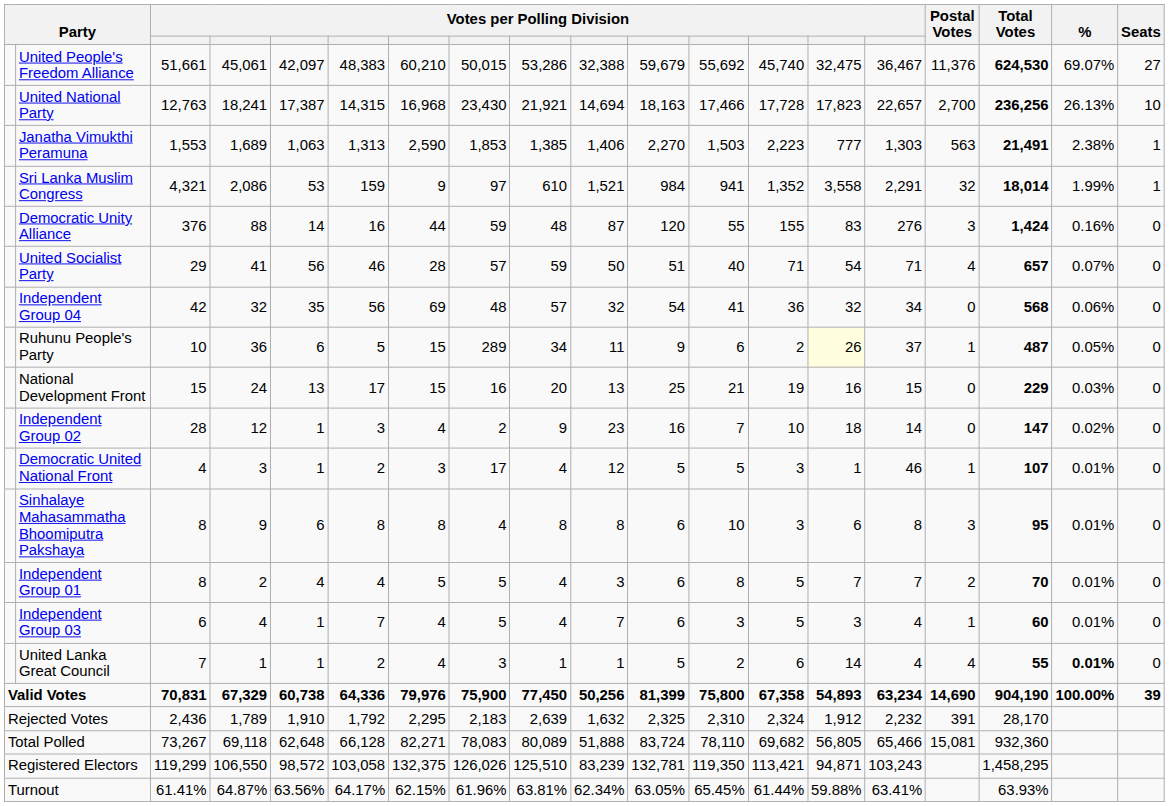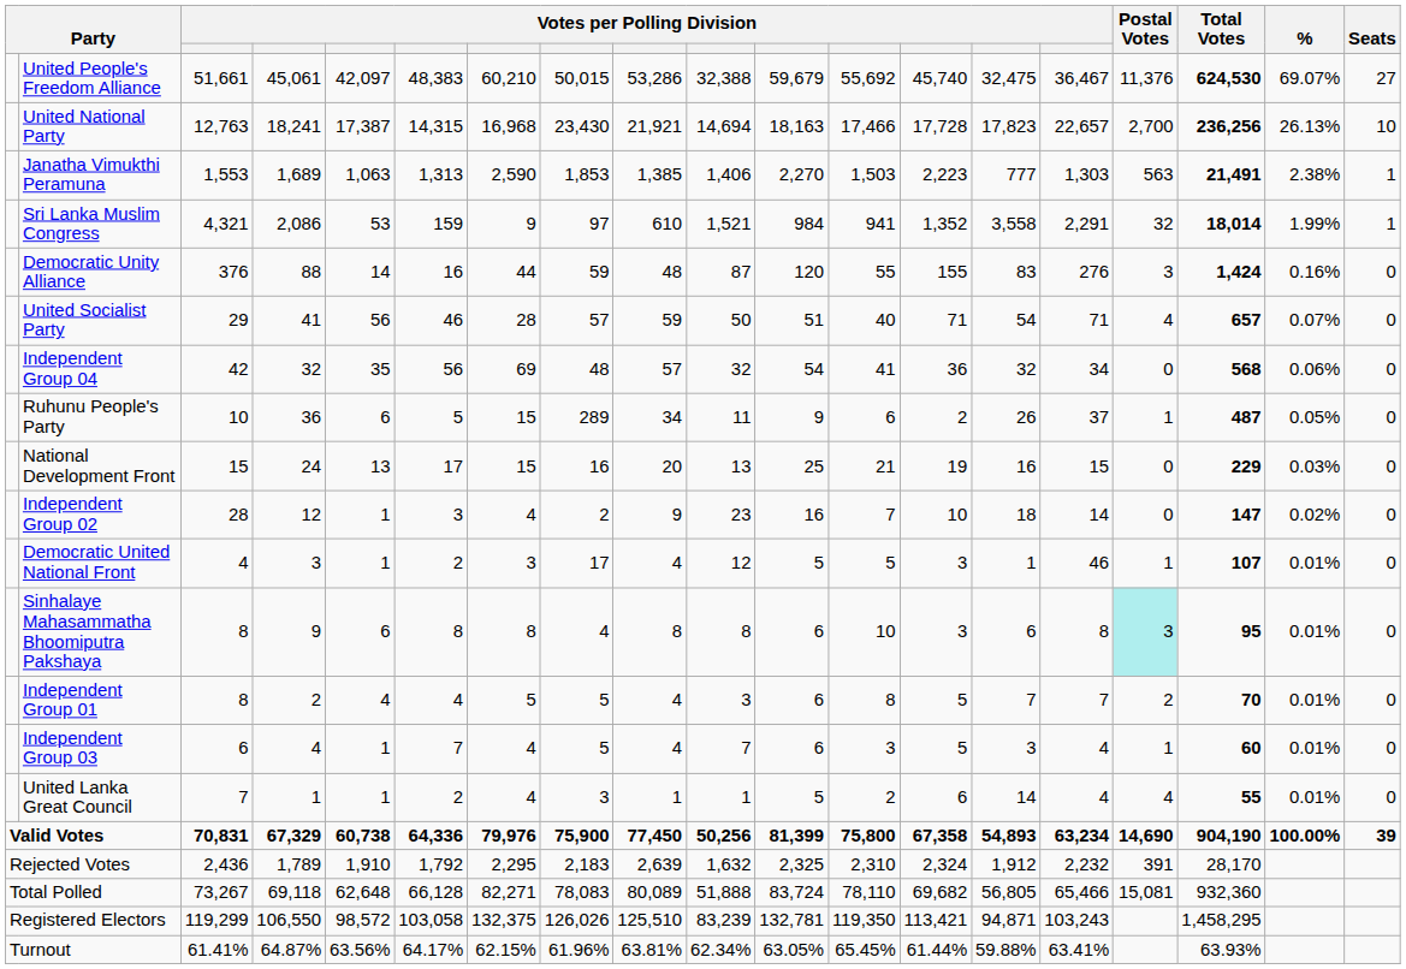 <table class="wikitable" border="1" style="text-align:right;">
 <tr>
 <th align=left valign=bottom rowspan=2 colspan=2>Party</th>
 <th colspan=13>Votes per Polling Division</th>
 <th align=center valign=bottom rowspan=2 width="50">Postal<br>Votes</th>
 <th align=center valign=bottom rowspan=2 width="50">Total Votes</th>
 <th align=center valign=bottom rowspan=2 width="50">%</th>
 <th align=center valign=bottom rowspan=2 width="40">Seats</th>
 </tr>
 <tr>
 <th></th>
 <th></th>
 <th></th>
 <th></th>
 <th></th>
 <th></th>
 <th></th>
 <th></th>
 <th></th>
 <th></th>
 <th></th>
 <th></th>
 <th></th>
 </tr>
 <tr>
 <td bgcolor=> </td>
 <td align=left><a href='#'>United People's Freedom Alliance</a></td>
 <td>51,661</td>
 <td>45,061</td>
 <td>42,097</td>
 <td>48,383</td>
 <td>60,210</td>
 <td>50,015</td>
 <td>53,286</td>
 <td>32,388</td>
 <td>59,679</td>
 <td>55,692</td>
 <td>45,740</td>
 <td>32,475</td>
 <td>36,467</td>
 <td>11,376</td>
 <td><strong>624,530</strong></td>
 <td>69.07%</td>
 <td>27</td>
 </tr>
 <tr>
 <td bgcolor=> </td>
 <td align=left><a href='#'>United National Party</a></td>
 <td>12,763</td>
 <td>18,241</td>
 <td>17,387</td>
 <td>14,315</td>
 <td>16,968</td>
 <td>23,430</td>
 <td>21,921</td>
 <td>14,694</td>
 <td>18,163</td>
 <td>17,466</td>
 <td>17,728</td>
 <td>17,823</td>
 <td>22,657</td>
 <td>2,700</td>
 <td><strong>236,256</strong></td>
 <td>26.13%</td>
 <td>10</td>
 </tr>
 <tr>
 <td bgcolor=> </td>
 <td align=left><a href='#'>Janatha Vimukthi Peramuna</a></td>
 <td>1,553</td>
 <td>1,689</td>
 <td>1,063</td>
 <td>1,313</td>
 <td>2,590</td>
 <td>1,853</td>
 <td>1,385</td>
 <td>1,406</td>
 <td>2,270</td>
 <td>1,503</td>
 <td>2,223</td>
 <td>777</td>
 <td>1,303</td>
 <td>563</td>
 <td><strong>21,491</strong></td>
 <td>2.38%</td>
 <td>1</td>
 </tr>
 <tr>
 <td bgcolor=> </td>
 <td align=left><a href='#'>Sri Lanka Muslim Congress</a></td>
 <td>4,321</td>
 <td>2,086</td>
 <td>53</td>
 <td>159</td>
 <td>9</td>
 <td>97</td>
 <td>610</td>
 <td>1,521</td>
 <td>984</td>
 <td>941</td>
 <td>1,352</td>
 <td>3,558</td>
 <td>2,291</td>
 <td>32</td>
 <td><strong>18,014</strong></td>
 <td>1.99%</td>
 <td>1</td>
 </tr>
 <tr>
 <td bgcolor=> </td>
 <td align=left><a href='#'>Democratic Unity Alliance</a></td>
 <td>376</td>
 <td>88</td>
 <td>14</td>
 <td>16</td>
 <td>44</td>
 <td>59</td>
 <td>48</td>
 <td>87</td>
 <td>120</td>
 <td>55</td>
 <td>155</td>
 <td>83</td>
 <td>276</td>
 <td>3</td>
 <td><strong>1,424</strong></td>
 <td>0.16%</td>
 <td>0</td>
 </tr>
 <tr>
 <td bgcolor=> </td>
 <td align=left><a href='#'>United Socialist Party</a></td>
 <td>29</td>
 <td>41</td>
 <td>56</td>
 <td>46</td>
 <td>28</td>
 <td>57</td>
 <td>59</td>
 <td>50</td>
 <td>51</td>
 <td>40</td>
 <td>71</td>
 <td>54</td>
 <td>71</td>
 <td>4</td>
 <td><strong>657</strong></td>
 <td>0.07%</td>
 <td>0</td>
 </tr>
 <tr>
 <td bgcolor=> </td>
 <td align=left><a href='#'>Independent Group 04</a></td>
 <td>42</td>
 <td>32</td>
 <td>35</td>
 <td>56</td>
 <td>69</td>
 <td>48</td>
 <td>57</td>
 <td>32</td>
 <td>54</td>
 <td>41</td>
 <td>36</td>
 <td>32</td>
 <td>34</td>
 <td>0</td>
 <td><strong>568</strong></td>
 <td>0.06%</td>
 <td>0</td>
 </tr>
 <tr>
 <td bgcolor=> </td>
 <td align=left>Ruhunu People's Party</td>
 <td>10</td>
 <td>36</td>
 <td>6</td>
 <td>5</td>
 <td>15</td>
 <td>289</td>
 <td>34</td>
 <td>11</td>
 <td>9</td>
 <td>6</td>
 <td>2</td>
-<td style="background: lightyellow;">26</td>
+<td>26</td>
 <td>37</td>
 <td>1</td>
 <td><strong>487</strong></td>
 <td>0.05%</td>
 <td>0</td>
 </tr>
 <tr>
 <td bgcolor=> </td>
 <td align=left>National Development Front</td>
 <td>15</td>
 <td>24</td>
 <td>13</td>
 <td>17</td>
 <td>15</td>
 <td>16</td>
 <td>20</td>
 <td>13</td>
 <td>25</td>
 <td>21</td>
 <td>19</td>
 <td>16</td>
 <td>15</td>
 <td>0</td>
 <td><strong>229</strong></td>
 <td>0.03%</td>
 <td>0</td>
 </tr>
 <tr>
 <td bgcolor=> </td>
 <td align=left><a href='#'>Independent Group 02</a></td>
 <td>28</td>
 <td>12</td>
 <td>1</td>
 <td>3</td>
 <td>4</td>
 <td>2</td>
 <td>9</td>
 <td>23</td>
 <td>16</td>
 <td>7</td>
 <td>10</td>
 <td>18</td>
 <td>14</td>
 <td>0</td>
 <td><strong>147</strong></td>
 <td>0.02%</td>
 <td>0</td>
 </tr>
 <tr>
 <td bgcolor=> </td>
 <td align=left><a href='#'>Democratic United National Front</a></td>
 <td>4</td>
 <td>3</td>
 <td>1</td>
 <td>2</td>
 <td>3</td>
 <td>17</td>
 <td>4</td>
 <td>12</td>
 <td>5</td>
 <td>5</td>
 <td>3</td>
 <td>1</td>
 <td>46</td>
 <td>1</td>
 <td><strong>107</strong></td>
 <td>0.01%</td>
 <td>0</td>
 </tr>
 <tr>
 <td bgcolor=> </td>
 <td align=left><a href='#'>Sinhalaye Mahasammatha Bhoomiputra Pakshaya</a></td>
 <td>8</td>
 <td>9</td>
 <td>6</td>
 <td>8</td>
 <td>8</td>
 <td>4</td>
 <td>8</td>
 <td>8</td>
 <td>6</td>
 <td>10</td>
 <td>3</td>
 <td>6</td>
 <td>8</td>
-<td>3</td>
+<td style="background: paleturquoise;">3</td>
 <td><strong>95</strong></td>
 <td>0.01%</td>
 <td>0</td>
 </tr>
 <tr>
 <td bgcolor=> </td>
 <td align=left><a href='#'>Independent Group 01</a></td>
 <td>8</td>
 <td>2</td>
 <td>4</td>
 <td>4</td>
 <td>5</td>
 <td>5</td>
 <td>4</td>
 <td>3</td>
 <td>6</td>
 <td>8</td>
 <td>5</td>
 <td>7</td>
 <td>7</td>
 <td>2</td>
 <td><strong>70</strong></td>
 <td>0.01%</td>
 <td>0</td>
 </tr>
 <tr>
 <td bgcolor=> </td>
 <td align=left><a href='#'>Independent Group 03</a></td>
 <td>6</td>
 <td>4</td>
 <td>1</td>
 <td>7</td>
 <td>4</td>
 <td>5</td>
 <td>4</td>
 <td>7</td>
 <td>6</td>
 <td>3</td>
 <td>5</td>
 <td>3</td>
 <td>4</td>
 <td>1</td>
 <td><strong>60</strong></td>
 <td>0.01%</td>
 <td>0</td>
 </tr>
 <tr>
 <td bgcolor=> </td>
 <td align=left>United Lanka Great Council</td>
 <td>7</td>
 <td>1</td>
 <td>1</td>
 <td>2</td>
 <td>4</td>
 <td>3</td>
 <td>1</td>
 <td>1</td>
 <td>5</td>
 <td>2</td>
 <td>6</td>
 <td>14</td>
 <td>4</td>
 <td>4</td>
 <td><strong>55</strong></td>
-<td><strong>0.01%</strong></td>
+<td>0.01%</td>
 <td>0</td>
 </tr>
 <tr>
 <td align=left colspan=2><strong>Valid Votes</strong></td>
 <td><strong>70,831</strong></td>
 <td><strong>67,329</strong></td>
 <td><strong>60,738</strong></td>
 <td><strong>64,336</strong></td>
 <td><strong>79,976</strong></td>
 <td><strong>75,900</strong></td>
 <td><strong>77,450</strong></td>
 <td><strong>50,256</strong></td>
 <td><strong>81,399</strong></td>
 <td><strong>75,800</strong></td>
 <td><strong>67,358</strong></td>
 <td><strong>54,893</strong></td>
 <td><strong>63,234</strong></td>
 <td><strong>14,690</strong></td>
 <td><strong>904,190</strong></td>
 <td><strong>100.00%</strong></td>
 <td><strong>39</strong></td>
 </tr>
 <tr>
 <td align=left colspan=2>Rejected Votes</td>
 <td>2,436</td>
 <td>1,789</td>
 <td>1,910</td>
 <td>1,792</td>
 <td>2,295</td>
 <td>2,183</td>
 <td>2,639</td>
 <td>1,632</td>
 <td>2,325</td>
 <td>2,310</td>
 <td>2,324</td>
 <td>1,912</td>
 <td>2,232</td>
 <td>391</td>
 <td>28,170</td>
 <td></td>
 <td></td>
 </tr>
 <tr>
 <td align=left colspan=2>Total Polled</td>
 <td>73,267</td>
 <td>69,118</td>
 <td>62,648</td>
 <td>66,128</td>
 <td>82,271</td>
 <td>78,083</td>
 <td>80,089</td>
 <td>51,888</td>
 <td>83,724</td>
 <td>78,110</td>
 <td>69,682</td>
 <td>56,805</td>
 <td>65,466</td>
 <td>15,081</td>
 <td>932,360</td>
 <td></td>
 <td></td>
 </tr>
 <tr>
 <td align=left colspan=2>Registered Electors</td>
 <td>119,299</td>
 <td>106,550</td>
 <td>98,572</td>
 <td>103,058</td>
 <td>132,375</td>
 <td>126,026</td>
 <td>125,510</td>
 <td>83,239</td>
 <td>132,781</td>
 <td>119,350</td>
 <td>113,421</td>
 <td>94,871</td>
 <td>103,243</td>
 <td></td>
 <td>1,458,295</td>
 <td></td>
 <td></td>
 </tr>
 <tr>
 <td align=left colspan=2>Turnout</td>
 <td>61.41%</td>
 <td>64.87%</td>
 <td>63.56%</td>
 <td>64.17%</td>
 <td>62.15%</td>
 <td>61.96%</td>
 <td>63.81%</td>
 <td>62.34%</td>
 <td>63.05%</td>
 <td>65.45%</td>
 <td>61.44%</td>
 <td>59.88%</td>
 <td>63.41%</td>
 <td></td>
 <td>63.93%</td>
 <td></td>
 <td></td>
 </tr>
 </table>
